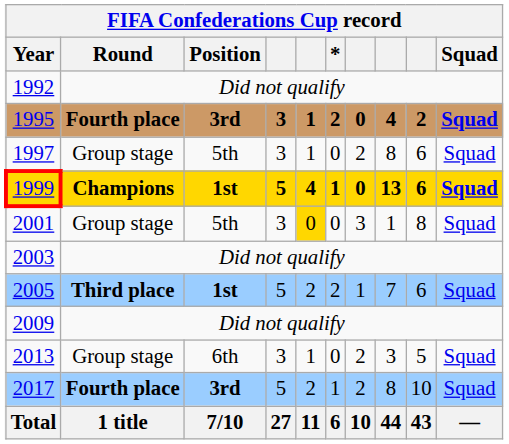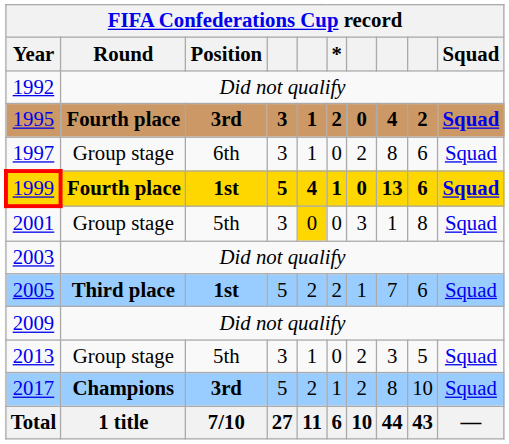 <table class="wikitable" style="text-align: center">
 <tr>
 <th colspan=10><a href='#'>FIFA Confederations Cup</a> record</th>
 </tr>
 <tr>
 <th>Year</th>
 <th>Round</th>
 <th>Position</th>
 <th></th>
 <th></th>
 <th>*</th>
 <th></th>
 <th></th>
 <th></th>
 <th>Squad</th>
 </tr>
 <tr>
 <td> <a href='#'>1992</a></td>
 <td colspan=9><em>Did not qualify</em></td>
 </tr>
 <tr bgcolor="#cc9966">
 <td> <a href='#'>1995</a></td>
 <td><strong>Fourth place</strong></td>
 <td><strong>3rd</strong></td>
 <td><strong>3</strong></td>
 <td><strong>1</strong></td>
 <td><strong>2</strong></td>
 <td><strong>0</strong></td>
 <td><strong>4</strong></td>
 <td><strong>2</strong></td>
 <td><strong><a href='#'>Squad</a></strong></td>
 </tr>
 <tr>
 <td> <a href='#'>1997</a></td>
 <td>Group stage</td>
-<td>5th</td>
+<td>6th</td>
 <td>3</td>
 <td>1</td>
 <td>0</td>
 <td>2</td>
 <td>8</td>
 <td>6</td>
 <td><a href='#'>Squad</a></td>
 </tr>
 <tr bgcolor=gold>
 <td style="border: 3px solid red"> <a href='#'>1999</a></td>
-<td><strong>Champions</strong></td>
+<td><strong>Fourth place</strong></td>
 <td><strong>1st</strong></td>
 <td><strong>5</strong></td>
 <td><strong>4</strong></td>
 <td><strong>1</strong></td>
 <td><strong>0</strong></td>
 <td><strong>13</strong></td>
 <td><strong>6</strong></td>
 <td><strong><a href='#'>Squad</a></strong></td>
 </tr>
 <tr>
 <td> <a href='#'>2001</a></td>
 <td>Group stage</td>
 <td>5th</td>
 <td>3</td>
 <td style="background: gold;">0</td>
 <td>0</td>
 <td>3</td>
 <td>1</td>
 <td>8</td>
 <td><a href='#'>Squad</a></td>
 </tr>
 <tr>
 <td> <a href='#'>2003</a></td>
 <td colspan=9><em>Did not qualify</em></td>
 </tr>
 <tr style="background:#9acdff">
 <td> <a href='#'>2005</a></td>
 <td><strong>Third place</strong></td>
 <td><strong>1st</strong></td>
 <td>5</td>
 <td>2</td>
 <td>2</td>
 <td>1</td>
 <td>7</td>
 <td>6</td>
 <td><a href='#'>Squad</a></td>
 </tr>
 <tr>
 <td> <a href='#'>2009</a></td>
 <td colspan=9><em>Did not qualify</em></td>
 </tr>
 <tr>
 <td> <a href='#'>2013</a></td>
 <td>Group stage</td>
-<td>6th</td>
+<td>5th</td>
 <td>3</td>
 <td>1</td>
 <td>0</td>
 <td>2</td>
 <td>3</td>
 <td>5</td>
 <td><a href='#'>Squad</a></td>
 </tr>
 <tr style="background:#9acdff">
 <td> <a href='#'>2017</a></td>
-<td><strong>Fourth place</strong></td>
+<td><strong>Champions</strong></td>
 <td><strong>3rd</strong></td>
 <td>5</td>
 <td>2</td>
 <td>1</td>
 <td>2</td>
 <td>8</td>
 <td>10</td>
 <td><a href='#'>Squad</a></td>
 </tr>
 <tr>
 <th>Total</th>
 <th>1 title</th>
 <th>7/10</th>
 <th>27</th>
 <th>11</th>
 <th>6</th>
 <th>10</th>
 <th>44</th>
 <th>43</th>
 <th>—</th>
 </tr>
 </table>
